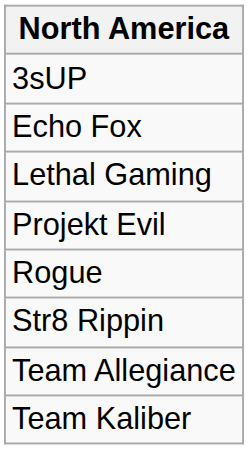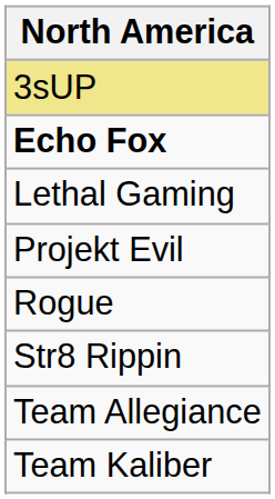 <table class="wikitable" style="display: inline-table;">
 <tr>
 <th>North America</th>
 </tr>
 <tr>
-<td>3sUP</td>
+<td style="background: khaki;">3sUP</td>
 </tr>
 <tr>
-<td>Echo Fox</td>
+<td><strong>Echo Fox</strong></td>
 </tr>
 <tr>
 <td>Lethal Gaming</td>
 </tr>
 <tr>
 <td>Projekt Evil</td>
 </tr>
 <tr>
 <td>Rogue</td>
 </tr>
 <tr>
 <td>Str8 Rippin</td>
 </tr>
 <tr>
 <td>Team Allegiance</td>
 </tr>
 <tr>
 <td>Team Kaliber</td>
 </tr>
 </table>
